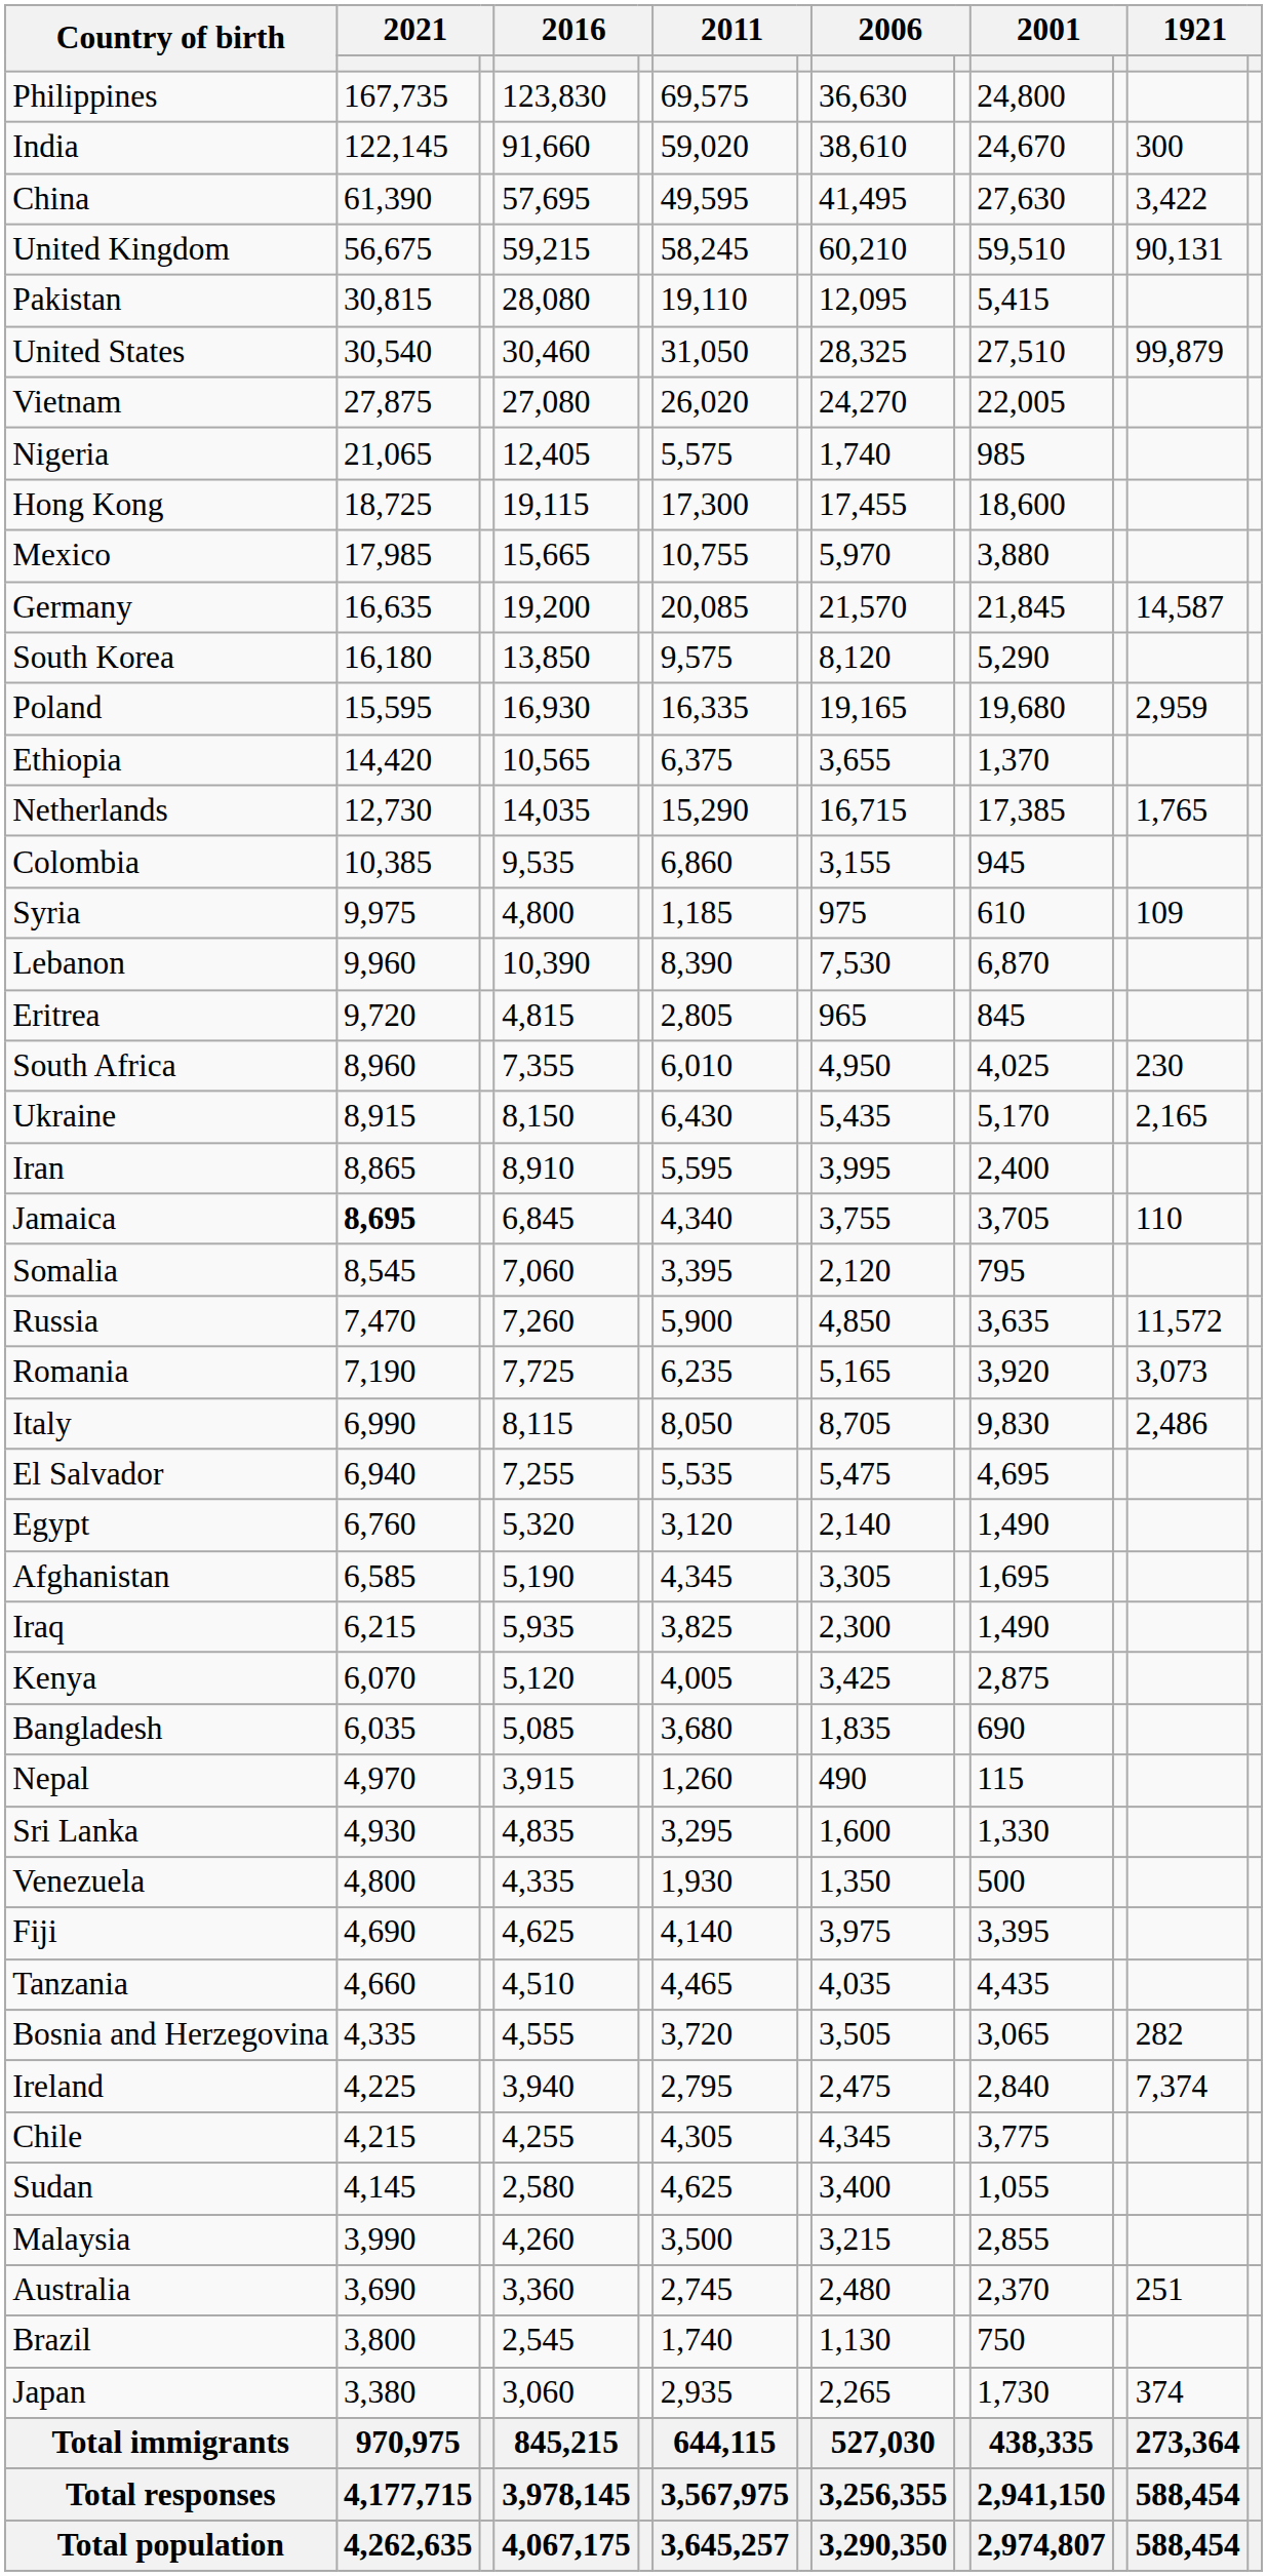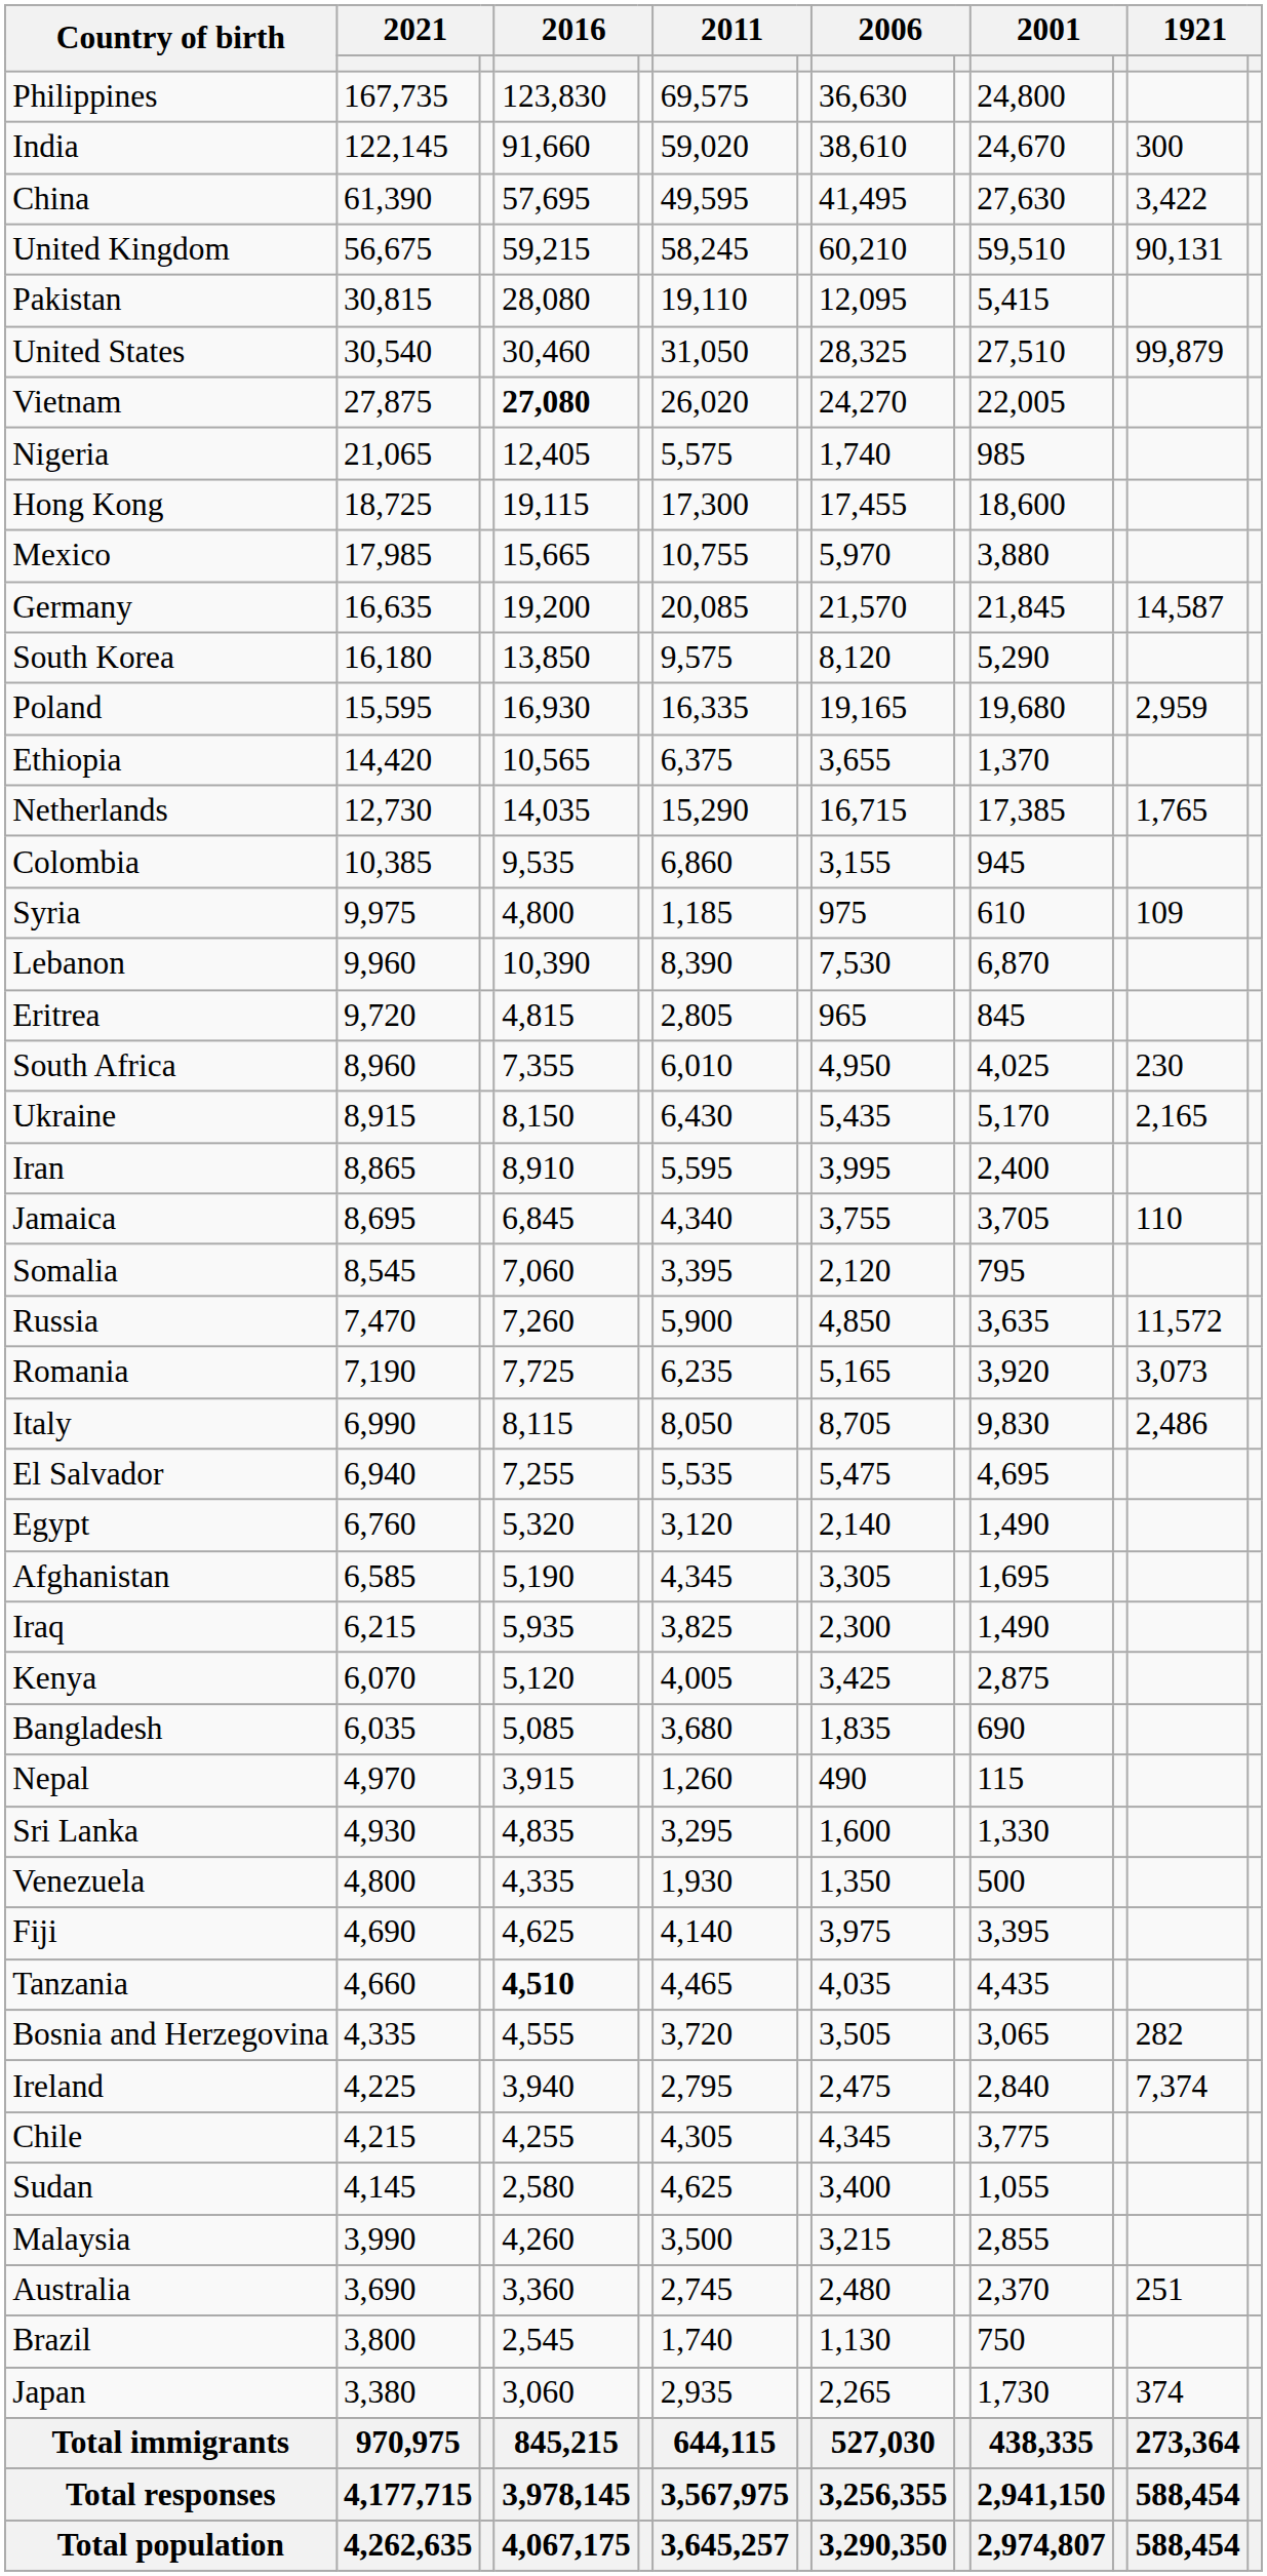 <table class="wikitable sortable">
 <tr>
 <th rowspan="2">Country of birth</th>
 <th colspan="2">2021</th>
 <th colspan="2">2016</th>
 <th colspan="2">2011</th>
 <th colspan="2">2006</th>
 <th colspan="2">2001</th>
 <th colspan="2">1921</th>
 </tr>
 <tr>
 <th><a href='#'></a></th>
 <th></th>
 <th></th>
 <th></th>
 <th></th>
 <th></th>
 <th></th>
 <th></th>
 <th></th>
 <th></th>
 <th></th>
 <th></th>
 </tr>
 <tr>
 <td>Philippines</td>
 <td>167,735</td>
 <td></td>
 <td>123,830</td>
 <td></td>
 <td>69,575</td>
 <td></td>
 <td>36,630</td>
 <td></td>
 <td>24,800</td>
 <td></td>
 <td></td>
 <td></td>
 </tr>
 <tr>
 <td>India</td>
 <td>122,145</td>
 <td></td>
 <td>91,660</td>
 <td></td>
 <td>59,020</td>
 <td></td>
 <td>38,610</td>
 <td></td>
 <td>24,670</td>
 <td></td>
 <td>300</td>
 <td></td>
 </tr>
 <tr>
 <td>China</td>
 <td>61,390</td>
 <td></td>
 <td>57,695</td>
 <td></td>
 <td>49,595</td>
 <td></td>
 <td>41,495</td>
 <td></td>
 <td>27,630</td>
 <td></td>
 <td>3,422</td>
 <td></td>
 </tr>
 <tr>
 <td>United Kingdom</td>
 <td>56,675</td>
 <td></td>
 <td>59,215</td>
 <td></td>
 <td>58,245</td>
 <td></td>
 <td>60,210</td>
 <td></td>
 <td>59,510</td>
 <td></td>
 <td>90,131</td>
 <td></td>
 </tr>
 <tr>
 <td>Pakistan</td>
 <td>30,815</td>
 <td></td>
 <td>28,080</td>
 <td></td>
 <td>19,110</td>
 <td></td>
 <td>12,095</td>
 <td></td>
 <td>5,415</td>
 <td></td>
 <td></td>
 <td></td>
 </tr>
 <tr>
 <td>United States</td>
 <td>30,540</td>
 <td></td>
 <td>30,460</td>
 <td></td>
 <td>31,050</td>
 <td></td>
 <td>28,325</td>
 <td></td>
 <td>27,510</td>
 <td></td>
 <td>99,879</td>
 <td></td>
 </tr>
 <tr>
 <td>Vietnam</td>
 <td>27,875</td>
 <td></td>
-<td>27,080</td>
+<td><strong>27,080</strong></td>
 <td></td>
 <td>26,020</td>
 <td></td>
 <td>24,270</td>
 <td></td>
 <td>22,005</td>
 <td></td>
 <td></td>
 <td></td>
 </tr>
 <tr>
 <td>Nigeria</td>
 <td>21,065</td>
 <td></td>
 <td>12,405</td>
 <td></td>
 <td>5,575</td>
 <td></td>
 <td>1,740</td>
 <td></td>
 <td>985</td>
 <td></td>
 <td></td>
 <td></td>
 </tr>
 <tr>
 <td>Hong Kong</td>
 <td>18,725</td>
 <td></td>
 <td>19,115</td>
 <td></td>
 <td>17,300</td>
 <td></td>
 <td>17,455</td>
 <td></td>
 <td>18,600</td>
 <td></td>
 <td></td>
 <td></td>
 </tr>
 <tr>
 <td>Mexico</td>
 <td>17,985</td>
 <td></td>
 <td>15,665</td>
 <td></td>
 <td>10,755</td>
 <td></td>
 <td>5,970</td>
 <td></td>
 <td>3,880</td>
 <td></td>
 <td></td>
 <td></td>
 </tr>
 <tr>
 <td>Germany</td>
 <td>16,635</td>
 <td></td>
 <td>19,200</td>
 <td></td>
 <td>20,085</td>
 <td></td>
 <td>21,570</td>
 <td></td>
 <td>21,845</td>
 <td></td>
 <td>14,587</td>
 <td></td>
 </tr>
 <tr>
 <td>South Korea</td>
 <td>16,180</td>
 <td></td>
 <td>13,850</td>
 <td></td>
 <td>9,575</td>
 <td></td>
 <td>8,120</td>
 <td></td>
 <td>5,290</td>
 <td></td>
 <td></td>
 <td></td>
 </tr>
 <tr>
 <td>Poland</td>
 <td>15,595</td>
 <td></td>
 <td>16,930</td>
 <td></td>
 <td>16,335</td>
 <td></td>
 <td>19,165</td>
 <td></td>
 <td>19,680</td>
 <td></td>
 <td>2,959</td>
 <td></td>
 </tr>
 <tr>
 <td>Ethiopia</td>
 <td>14,420</td>
 <td></td>
 <td>10,565</td>
 <td></td>
 <td>6,375</td>
 <td></td>
 <td>3,655</td>
 <td></td>
 <td>1,370</td>
 <td></td>
 <td></td>
 <td></td>
 </tr>
 <tr>
 <td>Netherlands</td>
 <td>12,730</td>
 <td></td>
 <td>14,035</td>
 <td></td>
 <td>15,290</td>
 <td></td>
 <td>16,715</td>
 <td></td>
 <td>17,385</td>
 <td></td>
 <td>1,765</td>
 <td></td>
 </tr>
 <tr>
 <td>Colombia</td>
 <td>10,385</td>
 <td></td>
 <td>9,535</td>
 <td></td>
 <td>6,860</td>
 <td></td>
 <td>3,155</td>
 <td></td>
 <td>945</td>
 <td></td>
 <td></td>
 <td></td>
 </tr>
 <tr>
 <td>Syria</td>
 <td>9,975</td>
 <td></td>
 <td>4,800</td>
 <td></td>
 <td>1,185</td>
 <td></td>
 <td>975</td>
 <td></td>
 <td>610</td>
 <td></td>
 <td>109</td>
 <td></td>
 </tr>
 <tr>
 <td>Lebanon</td>
 <td>9,960</td>
 <td></td>
 <td>10,390</td>
 <td></td>
 <td>8,390</td>
 <td></td>
 <td>7,530</td>
 <td></td>
 <td>6,870</td>
 <td></td>
 <td></td>
 <td></td>
 </tr>
 <tr>
 <td>Eritrea</td>
 <td>9,720</td>
 <td></td>
 <td>4,815</td>
 <td></td>
 <td>2,805</td>
 <td></td>
 <td>965</td>
 <td></td>
 <td>845</td>
 <td></td>
 <td></td>
 <td></td>
 </tr>
 <tr>
 <td>South Africa</td>
 <td>8,960</td>
 <td></td>
 <td>7,355</td>
 <td></td>
 <td>6,010</td>
 <td></td>
 <td>4,950</td>
 <td></td>
 <td>4,025</td>
 <td></td>
 <td>230</td>
 <td></td>
 </tr>
 <tr>
 <td>Ukraine</td>
 <td>8,915</td>
 <td></td>
 <td>8,150</td>
 <td></td>
 <td>6,430</td>
 <td></td>
 <td>5,435</td>
 <td></td>
 <td>5,170</td>
 <td></td>
 <td>2,165</td>
 <td></td>
 </tr>
 <tr>
 <td>Iran</td>
 <td>8,865</td>
 <td></td>
 <td>8,910</td>
 <td></td>
 <td>5,595</td>
 <td></td>
 <td>3,995</td>
 <td></td>
 <td>2,400</td>
 <td></td>
 <td></td>
 <td></td>
 </tr>
 <tr>
 <td>Jamaica</td>
-<td><strong>8,695</strong></td>
+<td>8,695</td>
 <td></td>
 <td>6,845</td>
 <td></td>
 <td>4,340</td>
 <td></td>
 <td>3,755</td>
 <td></td>
 <td>3,705</td>
 <td></td>
 <td>110</td>
 <td></td>
 </tr>
 <tr>
 <td>Somalia</td>
 <td>8,545</td>
 <td></td>
 <td>7,060</td>
 <td></td>
 <td>3,395</td>
 <td></td>
 <td>2,120</td>
 <td></td>
 <td>795</td>
 <td></td>
 <td></td>
 <td></td>
 </tr>
 <tr>
 <td>Russia</td>
 <td>7,470</td>
 <td></td>
 <td>7,260</td>
 <td></td>
 <td>5,900</td>
 <td></td>
 <td>4,850</td>
 <td></td>
 <td>3,635</td>
 <td></td>
 <td>11,572</td>
 <td></td>
 </tr>
 <tr>
 <td>Romania</td>
 <td>7,190</td>
 <td></td>
 <td>7,725</td>
 <td></td>
 <td>6,235</td>
 <td></td>
 <td>5,165</td>
 <td></td>
 <td>3,920</td>
 <td></td>
 <td>3,073</td>
 <td></td>
 </tr>
 <tr>
 <td>Italy</td>
 <td>6,990</td>
 <td></td>
 <td>8,115</td>
 <td></td>
 <td>8,050</td>
 <td></td>
 <td>8,705</td>
 <td></td>
 <td>9,830</td>
 <td></td>
 <td>2,486</td>
 <td></td>
 </tr>
 <tr>
 <td>El Salvador</td>
 <td>6,940</td>
 <td></td>
 <td>7,255</td>
 <td></td>
 <td>5,535</td>
 <td></td>
 <td>5,475</td>
 <td></td>
 <td>4,695</td>
 <td></td>
 <td></td>
 <td></td>
 </tr>
 <tr>
 <td>Egypt</td>
 <td>6,760</td>
 <td></td>
 <td>5,320</td>
 <td></td>
 <td>3,120</td>
 <td></td>
 <td>2,140</td>
 <td></td>
 <td>1,490</td>
 <td></td>
 <td></td>
 <td></td>
 </tr>
 <tr>
 <td>Afghanistan</td>
 <td>6,585</td>
 <td></td>
 <td>5,190</td>
 <td></td>
 <td>4,345</td>
 <td></td>
 <td>3,305</td>
 <td></td>
 <td>1,695</td>
 <td></td>
 <td></td>
 <td></td>
 </tr>
 <tr>
 <td>Iraq</td>
 <td>6,215</td>
 <td></td>
 <td>5,935</td>
 <td></td>
 <td>3,825</td>
 <td></td>
 <td>2,300</td>
 <td></td>
 <td>1,490</td>
 <td></td>
 <td></td>
 <td></td>
 </tr>
 <tr>
 <td>Kenya</td>
 <td>6,070</td>
 <td></td>
 <td>5,120</td>
 <td></td>
 <td>4,005</td>
 <td></td>
 <td>3,425</td>
 <td></td>
 <td>2,875</td>
 <td></td>
 <td></td>
 <td></td>
 </tr>
 <tr>
 <td>Bangladesh</td>
 <td>6,035</td>
 <td></td>
 <td>5,085</td>
 <td></td>
 <td>3,680</td>
 <td></td>
 <td>1,835</td>
 <td></td>
 <td>690</td>
 <td></td>
 <td></td>
 <td></td>
 </tr>
 <tr>
 <td>Nepal</td>
 <td>4,970</td>
 <td></td>
 <td>3,915</td>
 <td></td>
 <td>1,260</td>
 <td></td>
 <td>490</td>
 <td></td>
 <td>115</td>
 <td></td>
 <td></td>
 <td></td>
 </tr>
 <tr>
 <td>Sri Lanka</td>
 <td>4,930</td>
 <td></td>
 <td>4,835</td>
 <td></td>
 <td>3,295</td>
 <td></td>
 <td>1,600</td>
 <td></td>
 <td>1,330</td>
 <td></td>
 <td></td>
 <td></td>
 </tr>
 <tr>
 <td>Venezuela</td>
 <td>4,800</td>
 <td></td>
 <td>4,335</td>
 <td></td>
 <td>1,930</td>
 <td></td>
 <td>1,350</td>
 <td></td>
 <td>500</td>
 <td></td>
 <td></td>
 <td></td>
 </tr>
 <tr>
 <td>Fiji</td>
 <td>4,690</td>
 <td></td>
 <td>4,625</td>
 <td></td>
 <td>4,140</td>
 <td></td>
 <td>3,975</td>
 <td></td>
 <td>3,395</td>
 <td></td>
 <td></td>
 <td></td>
 </tr>
 <tr>
 <td>Tanzania</td>
 <td>4,660</td>
 <td></td>
-<td>4,510</td>
+<td><strong>4,510</strong></td>
 <td></td>
 <td>4,465</td>
 <td></td>
 <td>4,035</td>
 <td></td>
 <td>4,435</td>
 <td></td>
 <td></td>
 <td></td>
 </tr>
 <tr>
 <td>Bosnia and Herzegovina</td>
 <td>4,335</td>
 <td></td>
 <td>4,555</td>
 <td></td>
 <td>3,720</td>
 <td></td>
 <td>3,505</td>
 <td></td>
 <td>3,065</td>
 <td></td>
 <td>282</td>
 <td></td>
 </tr>
 <tr>
 <td>Ireland</td>
 <td>4,225</td>
 <td></td>
 <td>3,940</td>
 <td></td>
 <td>2,795</td>
 <td></td>
 <td>2,475</td>
 <td></td>
 <td>2,840</td>
 <td></td>
 <td>7,374</td>
 <td></td>
 </tr>
 <tr>
 <td>Chile</td>
 <td>4,215</td>
 <td></td>
 <td>4,255</td>
 <td></td>
 <td>4,305</td>
 <td></td>
 <td>4,345</td>
 <td></td>
 <td>3,775</td>
 <td></td>
 <td></td>
 <td></td>
 </tr>
 <tr>
 <td>Sudan</td>
 <td>4,145</td>
 <td></td>
 <td>2,580</td>
 <td></td>
 <td>4,625</td>
 <td></td>
 <td>3,400</td>
 <td></td>
 <td>1,055</td>
 <td></td>
 <td></td>
 <td></td>
 </tr>
 <tr>
 <td>Malaysia</td>
 <td>3,990</td>
 <td></td>
 <td>4,260</td>
 <td></td>
 <td>3,500</td>
 <td></td>
 <td>3,215</td>
 <td></td>
 <td>2,855</td>
 <td></td>
 <td></td>
 <td></td>
 </tr>
 <tr>
 <td>Australia</td>
 <td>3,690</td>
 <td></td>
 <td>3,360</td>
 <td></td>
 <td>2,745</td>
 <td></td>
 <td>2,480</td>
 <td></td>
 <td>2,370</td>
 <td></td>
 <td>251</td>
 <td></td>
 </tr>
 <tr>
 <td>Brazil</td>
 <td>3,800</td>
 <td></td>
 <td>2,545</td>
 <td></td>
 <td>1,740</td>
 <td></td>
 <td>1,130</td>
 <td></td>
 <td>750</td>
 <td></td>
 <td></td>
 <td></td>
 </tr>
 <tr>
 <td>Japan</td>
 <td>3,380</td>
 <td></td>
 <td>3,060</td>
 <td></td>
 <td>2,935</td>
 <td></td>
 <td>2,265</td>
 <td></td>
 <td>1,730</td>
 <td></td>
 <td>374</td>
 <td></td>
 </tr>
 <tr>
 <th>Total immigrants</th>
 <th>970,975</th>
 <th></th>
 <th>845,215</th>
 <th></th>
 <th>644,115</th>
 <th></th>
 <th>527,030</th>
 <th></th>
 <th>438,335</th>
 <th></th>
 <th>273,364</th>
 <th></th>
 </tr>
 <tr class="sortbottom">
 <th>Total responses</th>
 <th>4,177,715</th>
 <th></th>
 <th>3,978,145</th>
 <th></th>
 <th>3,567,975</th>
 <th></th>
 <th>3,256,355</th>
 <th></th>
 <th>2,941,150</th>
 <th></th>
 <th>588,454</th>
 <th></th>
 </tr>
 <tr class="sortbottom">
 <th>Total population</th>
 <th>4,262,635</th>
 <th></th>
 <th>4,067,175</th>
 <th></th>
 <th>3,645,257</th>
 <th></th>
 <th>3,290,350</th>
 <th></th>
 <th>2,974,807</th>
 <th></th>
 <th>588,454</th>
 <th></th>
 </tr>
 </table>
